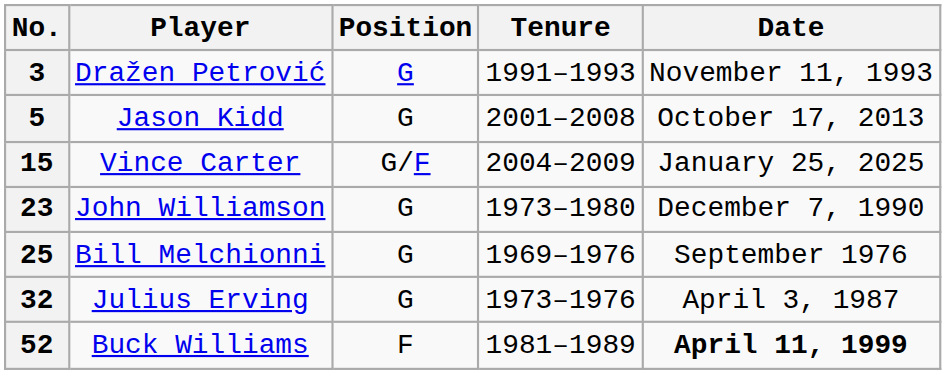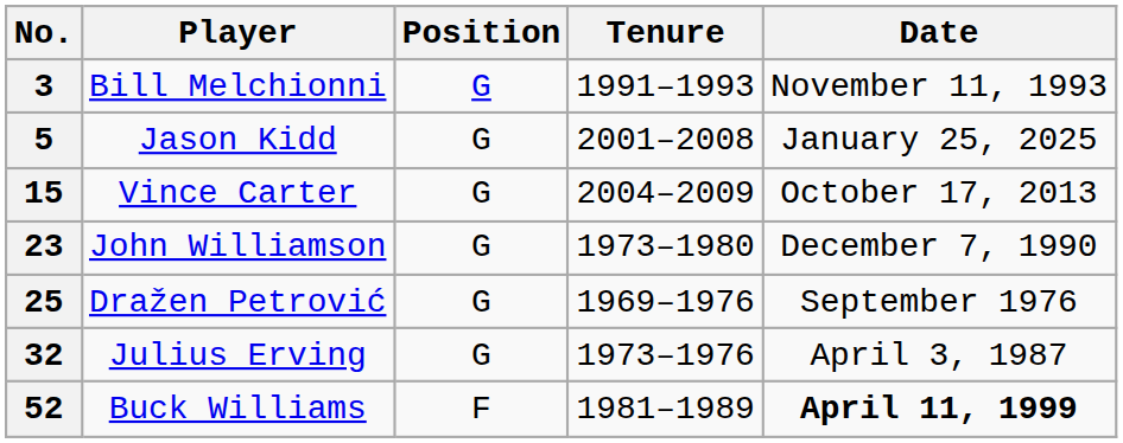 <table class="wikitable sortable" style="text-align:center">
 <tr>
 <th scope="col">No.</th>
 <th scope="col">Player</th>
 <th scope="col">Position</th>
 <th scope="col">Tenure</th>
 <th scope="col">Date</th>
 </tr>
 <tr>
 <th scope="row">3</th>
-<td><a href='#'>Dražen Petrović</a></td>
+<td><a href='#'>Bill Melchionni</a></td>
 <td><a href='#'>G</a></td>
 <td>1991–1993</td>
 <td>November 11, 1993</td>
 </tr>
 <tr>
 <th scope="row">5</th>
 <td><a href='#'>Jason Kidd</a></td>
 <td>G</td>
 <td>2001–2008</td>
-<td>October 17, 2013</td>
+<td>January 25, 2025</td>
 </tr>
 <tr>
 <th scope="row">15</th>
 <td><a href='#'>Vince Carter</a></td>
-<td>G/<a href='#'>F</a></td>
+<td>G</td>
 <td>2004–2009</td>
-<td>January 25, 2025</td>
+<td>October 17, 2013</td>
 </tr>
 <tr>
 <th scope="row">23</th>
 <td><a href='#'>John Williamson</a></td>
 <td>G</td>
 <td>1973–1980</td>
 <td>December 7, 1990</td>
 </tr>
 <tr>
 <th scope="row">25</th>
-<td><a href='#'>Bill Melchionni</a></td>
+<td><a href='#'>Dražen Petrović</a></td>
 <td>G</td>
 <td>1969–1976</td>
 <td>September 1976</td>
 </tr>
 <tr>
 <th scope="row">32</th>
 <td><a href='#'>Julius Erving</a></td>
 <td>G</td>
 <td>1973–1976</td>
 <td>April 3, 1987</td>
 </tr>
 <tr>
 <th scope="row">52</th>
 <td><a href='#'>Buck Williams</a></td>
 <td>F</td>
 <td>1981–1989</td>
 <td><strong>April 11, 1999</strong></td>
 </tr>
 </table>
